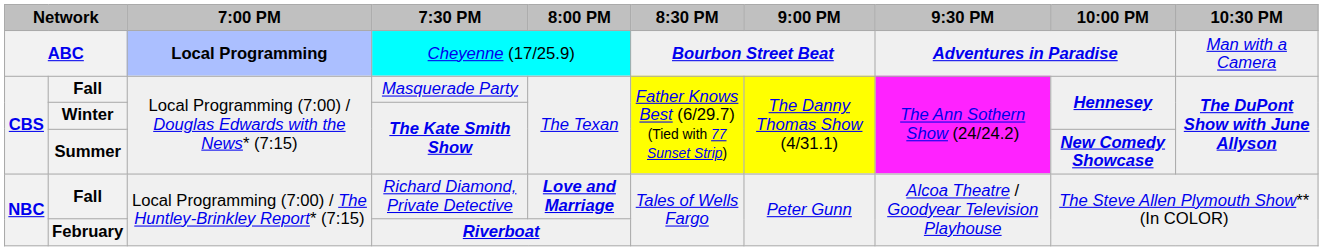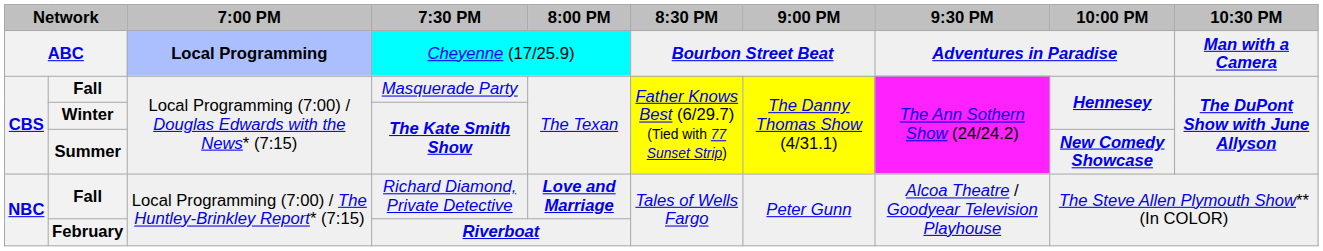 <table class="wikitable" style="width:100%;margin-right:0;text-align:center">
 <tr>
 <th colspan="2" style="background-color:#C0C0C0;text-align:center">Network</th>
 <th style="background-color:#C0C0C0;text-align:center">7:00 PM</th>
 <th style="background-color:#C0C0C0;text-align:center">7:30 PM</th>
 <th style="background-color:#C0C0C0;text-align:center">8:00 PM</th>
 <th style="background-color:#C0C0C0;text-align:center">8:30 PM</th>
 <th style="background-color:#C0C0C0;text-align:center">9:00 PM</th>
 <th style="background-color:#C0C0C0;text-align:center">9:30 PM</th>
 <th style="background-color:#C0C0C0;text-align:center">10:00 PM</th>
 <th style="background-color:#C0C0C0;text-align:center">10:30 PM</th>
 </tr>
 <tr>
 <th colspan="2"><a href='#'>ABC</a></th>
 <td bgcolor="#ABBFFF"><strong>Local Programming</strong></td>
 <td bgcolor="#00FFFF" colspan="2"><em><a href='#'>Cheyenne</a></em> (17/25.9)</td>
 <td bgcolor="#F0F0F0" colspan="2"><strong><em><a href='#'>Bourbon Street Beat</a></em></strong></td>
 <td bgcolor="#F0F0F0" colspan="2"><strong><em><a href='#'>Adventures in Paradise</a></em></strong></td>
-<td bgcolor="#F0F0F0"><em><a href='#'>Man with a Camera</a></em></td>
+<td bgcolor="#F0F0F0"><strong><em><a href='#'>Man with a Camera</a></em></strong></td>
 </tr>
 <tr>
 <th rowspan="3"><a href='#'>CBS</a></th>
 <th>Fall</th>
 <td bgcolor="#F0F0F0" rowspan="3">Local Programming (7:00) / <em><a href='#'>Douglas Edwards with the News</a></em>* (7:15)</td>
 <td bgcolor="#F0F0F0"><em><a href='#'>Masquerade Party</a></em></td>
 <td bgcolor="#F0F0F0" rowspan="3"><em><a href='#'>The Texan</a></em></td>
 <td bgcolor="#FFFF00" rowspan="3"><em><a href='#'>Father Knows Best</a></em> (6/29.7)<br><small>(Tied with <em><a href='#'>77 Sunset Strip</a></em>)</small></td>
 <td bgcolor="#FFFF00" rowspan="3"><em><a href='#'>The Danny Thomas Show</a></em> (4/31.1)</td>
 <td bgcolor="#FF22FF" rowspan="3"><em><a href='#'>The Ann Sothern Show</a></em> (24/24.2)</td>
 <td bgcolor="#F0F0F0" rowspan="2"><strong><em><a href='#'>Hennesey</a></em></strong></td>
 <td bgcolor="#F0F0F0" rowspan="3"><strong><em><a href='#'>The DuPont Show with June Allyson</a></em></strong></td>
 </tr>
 <tr>
 <th>Winter</th>
 <td bgcolor="#F0F0F0"  rowspan="2"><strong><em><a href='#'>The Kate Smith Show</a></em></strong></td>
 </tr>
 <tr>
 <th>Summer</th>
 <td bgcolor="#F0F0F0"><strong><em><a href='#'>New Comedy Showcase</a></em></strong></td>
 </tr>
 <tr>
 <th rowspan="2"><a href='#'>NBC</a></th>
 <th>Fall</th>
 <td bgcolor="#F0F0F0" rowspan="2">Local Programming (7:00) / <em><a href='#'>The Huntley-Brinkley Report</a></em>* (7:15)</td>
 <td bgcolor="#F0F0F0"><em><a href='#'>Richard Diamond, Private Detective</a></em></td>
 <td bgcolor="#F0F0F0"><strong><em><a href='#'>Love and Marriage</a></em></strong></td>
 <td bgcolor="#F0F0F0" rowspan="2"><em><a href='#'>Tales of Wells Fargo</a></em></td>
 <td bgcolor="#F0F0F0" rowspan="2"><em><a href='#'>Peter Gunn</a></em></td>
 <td bgcolor="#F0F0F0" rowspan="2"><em><a href='#'>Alcoa Theatre</a></em> / <em><a href='#'>Goodyear Television Playhouse</a></em></td>
 <td bgcolor="#F0F0F0" colspan="2" rowspan="2"><em><a href='#'>The Steve Allen Plymouth Show</a></em>** (In <span>C</span><span>O</span><span>L</span><span>O</span><span>R</span>)</td>
 </tr>
 <tr>
 <th>February</th>
 <td bgcolor="#F0F0F0" colspan="2"><strong><em><a href='#'>Riverboat</a></em></strong></td>
 </tr>
 </table>
